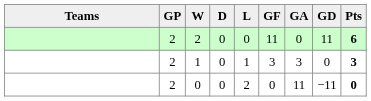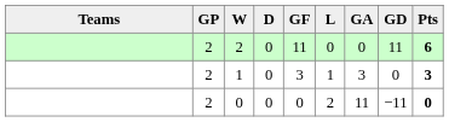 <table style=border-collapse:collapse border=1 cellspacing=0 cellpadding=5>
 <tr align=center bgcolor=#efefef>
 <th width=185>Teams</th>
 <th width=20>GP</th>
 <th width=20>W</th>
 <th width=20>D</th>
+<th width=20>GF</th>
 <th width=20>L</th>
-<th width=20>GF</th>
 <th width=20>GA</th>
 <th width=20>GD</th>
 <th width=20>Pts</th>
 </tr>
 <tr align=center style="background:#ccffcc;">
 <td style="text-align:left;"></td>
 <td>2</td>
 <td>2</td>
 <td>0</td>
+<td>11</td>
 <td>0</td>
-<td>11</td>
 <td>0</td>
 <td>11</td>
 <td><strong>6</strong></td>
 </tr>
 <tr align=center>
 <td style="text-align:left;"></td>
 <td>2</td>
 <td>1</td>
 <td>0</td>
+<td>3</td>
 <td>1</td>
-<td>3</td>
 <td>3</td>
 <td>0</td>
 <td><strong>3</strong></td>
 </tr>
 <tr align=center>
 <td style="text-align:left;"></td>
 <td>2</td>
 <td>0</td>
 <td>0</td>
+<td>0</td>
 <td>2</td>
-<td>0</td>
 <td>11</td>
 <td>−11</td>
 <td><strong>0</strong></td>
 </tr>
 </table>
